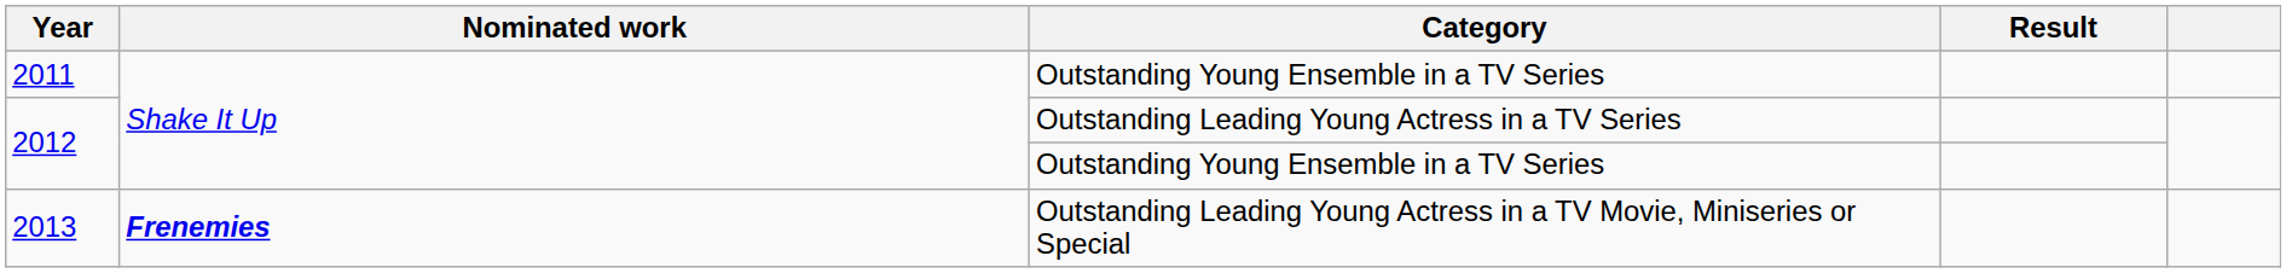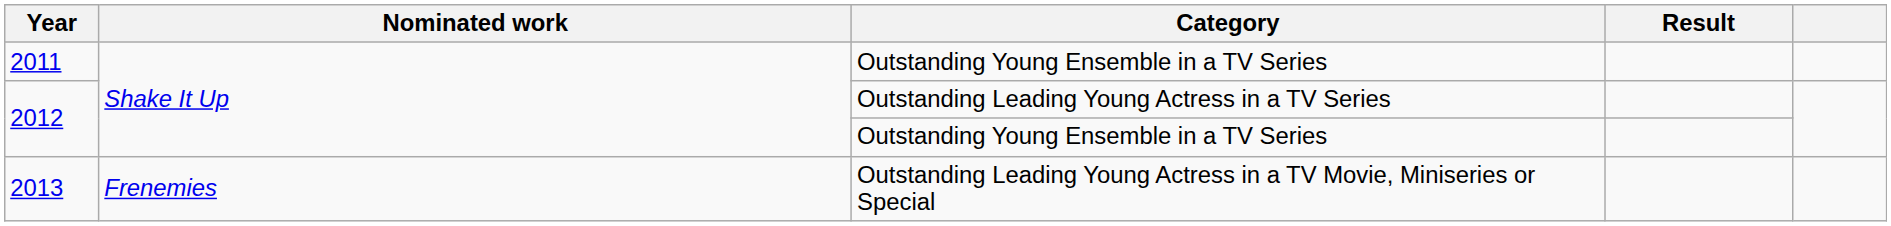 <table class="wikitable plainrowheaders" style="width:100%;">
 <tr>
 <th scope="col" style="width:5%;">Year</th>
 <th scope="col" style="width:40%;">Nominated work</th>
 <th scope="col" style="width:40%;">Category</th>
 <th scope="col" style="width:10%;">Result</th>
 <th scope="col" style="width:5%;"></th>
 </tr>
 <tr>
 <td><a href='#'>2011</a></td>
 <td rowspan="3"><em><a href='#'>Shake It Up</a></em></td>
 <td>Outstanding Young Ensemble in a TV Series</td>
 <td></td>
 <td style="text-align:center;"></td>
 </tr>
 <tr>
 <td rowspan="2"><a href='#'>2012</a></td>
 <td>Outstanding Leading Young Actress in a TV Series</td>
 <td></td>
 <td style="text-align:center;" rowspan="2"></td>
 </tr>
 <tr>
 <td>Outstanding Young Ensemble in a TV Series</td>
 <td></td>
 </tr>
 <tr>
 <td><a href='#'>2013</a></td>
-<td><strong><em><a href='#'>Frenemies</a></em></strong></td>
+<td><em><a href='#'>Frenemies</a></em></td>
 <td>Outstanding Leading Young Actress in a TV Movie, Miniseries or Special</td>
 <td></td>
 <td style="text-align:center;"></td>
 </tr>
 </table>
